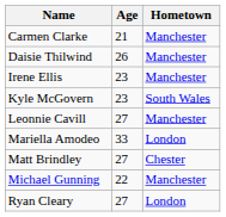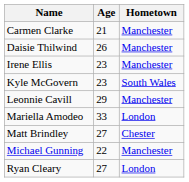 <table class="wikitable sortable" style="width:30%">
 <tr>
 <th style="text-align:center">Name</th>
 <th style="text-align:center">Age</th>
 <th style="text-align:center">Hometown</th>
 </tr>
 <tr>
 <td>Carmen Clarke</td>
 <td>21</td>
 <td><a href='#'>Manchester</a></td>
 </tr>
 <tr>
 <td>Daisie Thilwind</td>
 <td>26</td>
 <td><a href='#'>Manchester</a></td>
 </tr>
 <tr>
 <td>Irene Ellis</td>
 <td>23</td>
 <td><a href='#'>Manchester</a></td>
 </tr>
 <tr>
 <td>Kyle McGovern</td>
 <td>23</td>
 <td><a href='#'>South Wales</a></td>
 </tr>
 <tr>
 <td>Leonnie Cavill</td>
-<td>27</td>
+<td>29</td>
 <td><a href='#'>Manchester</a></td>
 </tr>
 <tr>
 <td>Mariella Amodeo</td>
 <td>33</td>
 <td><a href='#'>London</a></td>
 </tr>
 <tr>
 <td>Matt Brindley</td>
 <td>27</td>
 <td><a href='#'>Chester</a></td>
 </tr>
 <tr>
 <td><a href='#'>Michael Gunning</a></td>
 <td>22</td>
 <td><a href='#'>Manchester</a></td>
 </tr>
 <tr>
 <td>Ryan Cleary</td>
 <td>27</td>
 <td><a href='#'>London</a></td>
 </tr>
 </table>
